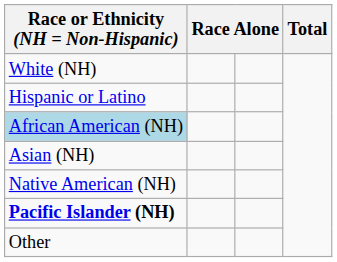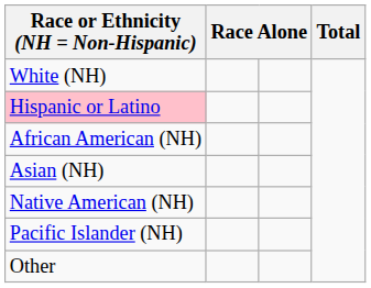 <table class="wikitable sortable collapsible"; text-align:right; font-size:80%;>
 <tr>
 <th>Race or Ethnicity<br> <em>(NH = Non-Hispanic)</em></th>
 <th colspan="2" data-sort-type=number>Race Alone</th>
 <th colspan="2" data-sort-type=number>Total</th>
 </tr>
 <tr>
 <td><a href='#'>White</a> (NH)</td>
 <td aline=right></td>
 <td aline=right></td>
 </tr>
 <tr>
-<td><a href='#'>Hispanic or Latino</a></td>
+<td style="background: pink;"><a href='#'>Hispanic or Latino</a></td>
 <td aline=right></td>
 <td aline=right></td>
 </tr>
 <tr>
-<td style="background: lightblue;"><a href='#'>African American</a> (NH)</td>
+<td><a href='#'>African American</a> (NH)</td>
 <td aline=right></td>
 <td aline=right></td>
 </tr>
 <tr>
 <td><a href='#'>Asian</a> (NH)</td>
 <td aline=right></td>
 <td aline=right></td>
 </tr>
 <tr>
 <td><a href='#'>Native American</a> (NH)</td>
 <td aline=right></td>
 <td aline=right></td>
 </tr>
 <tr>
-<td><strong><a href='#'>Pacific Islander</a> (NH)</strong></td>
+<td><a href='#'>Pacific Islander</a> (NH)</td>
 <td aline=right></td>
 <td aline=right></td>
 </tr>
 <tr>
 <td>Other</td>
 <td aline=right></td>
 <td aline=right></td>
 </tr>
 </table>
